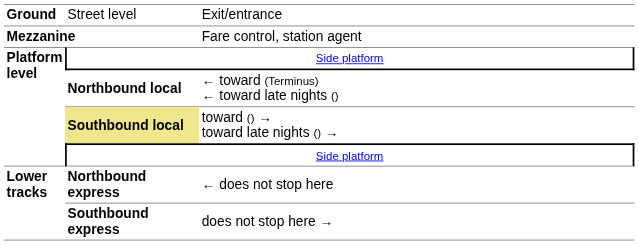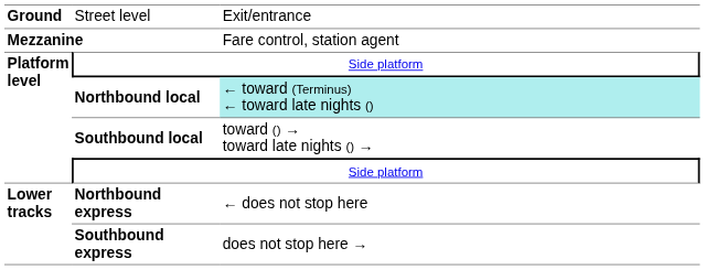 <table border=0 cellspacing=0 cellpadding=3>
 <tr>
 <td style="border-top:solid 1px gray;" width=50><strong>Ground</strong></td>
 <td style="border-top:solid 1px gray;" width=150>Street level</td>
 <td style="border-top:solid 1px gray;" width=500>Exit/entrance</td>
 </tr>
 <tr>
 <td style="border-top:solid 1px gray;" colspan=2><strong>Mezzanine</strong></td>
 <td style="border-top:solid 1px gray;">Fare control, station agent</td>
 </tr>
 <tr>
 <td style="border-top:solid 1px gray;border-bottom:solid 1px gray;" rowspan=4 valign=top><strong>Platform level</strong></td>
 <td style="border-top:solid 1px gray;border-right:solid 2px black;border-left:solid 2px black;border-bottom:solid 2px black;text-align:center;" colspan=2><small><a href='#'>Side platform</a></small></td>
 </tr>
 <tr>
 <td style="border-bottom:solid 1px gray;"><span><strong>Northbound local</strong></span></td>
-<td style="border-bottom:solid 1px gray;">←  toward  <small>(Terminus)</small><br>←  toward  late nights <small>()</small></td>
+<td style="background: paleturquoise; border-bottom:solid 1px gray;">←  toward  <small>(Terminus)</small><br>←  toward  late nights <small>()</small></td>
 </tr>
 <tr>
-<td style="background: khaki;"><span><strong>Southbound local</strong></span></td>
+<td><span><strong>Southbound local</strong></span></td>
 <td>  toward  <small>()</small> →<br>  toward  late nights <small>()</small> →</td>
 </tr>
 <tr>
 <td style="border-top:solid 2px black;border-right:solid 2px black;border-left:solid 2px black;border-bottom:solid 1px gray;text-align:center;" colspan=2><small><a href='#'>Side platform</a></small></td>
 </tr>
 <tr>
 <td style="border-bottom:solid 1px gray;" rowspan=2 valign=top><strong>Lower tracks</strong></td>
 <td style="border-bottom:solid 1px gray;"><span><strong>Northbound express</strong></span></td>
 <td style="border-bottom:solid 1px gray;">←  does not stop here</td>
 </tr>
 <tr>
 <td style="border-bottom:solid 1px gray;"><span><strong>Southbound express</strong></span></td>
 <td style="border-bottom:solid 1px gray;">  does not stop here →</td>
 </tr>
 </table>
